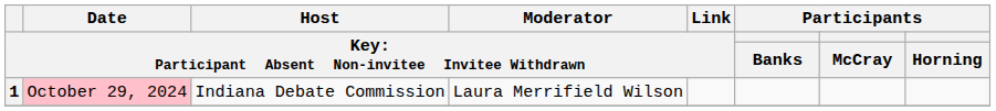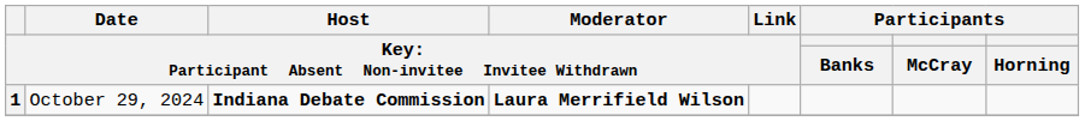 <table class="wikitable" style="text-align:center;">
 <tr>
 <th scope="col"></th>
 <th scope="col">Date</th>
 <th scope="col">Host</th>
 <th scope="col">Moderator</th>
 <th scope="col">Link</th>
 <th colspan="8" scope="col">Participants</th>
 </tr>
 <tr>
 <th colspan="5" rowspan="2">Key:<br> <small>Participant </small>  <small>Absent </small>  <small>Non-invitee </small>  <small>Invitee  Withdrawn</small></th>
 <th scope="col" style="background:"></th>
 <th scope="col" style="background:"></th>
 <th scope="col" style="background:"></th>
 </tr>
 <tr>
 <th scope="col" style="width:60px;">Banks</th>
 <th scope="col" style="width:60px;">McCray</th>
 <th scope="col" style="width:60px;">Horning</th>
 </tr>
 <tr>
 <th scope="row">1</th>
-<td style="background: pink; white-space:nowrap;">October 29, 2024</td>
-<td style="white-space:nowrap;">Indiana Debate Commission</td>
-<td style="white-space:nowrap;">Laura Merrifield Wilson</td>
+<td style="white-space:nowrap;">October 29, 2024</td>
+<td style="white-space:nowrap;"><strong>Indiana Debate Commission</strong></td>
+<td style="white-space:nowrap;"><strong>Laura Merrifield Wilson</strong></td>
 <td style="white-space:nowrap;"></td>
 <td></td>
 <td></td>
 <td></td>
 </tr>
 <tr>
 </tr>
 </table>
